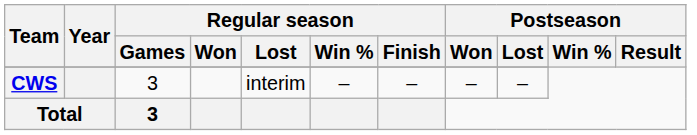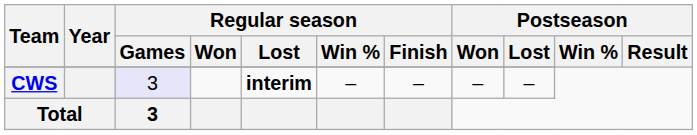 <table class="wikitable" style="font-size: 95%; text-align:center;">
 <tr>
 <th rowspan="2">Team</th>
 <th rowspan="2">Year</th>
 <th colspan="5">Regular season</th>
 <th colspan="4">Postseason</th>
 </tr>
 <tr>
 <th>Games</th>
 <th>Won</th>
 <th>Lost</th>
 <th>Win %</th>
 <th>Finish</th>
 <th>Won</th>
 <th>Lost</th>
 <th>Win %</th>
 <th>Result</th>
 </tr>
 <tr>
 </tr>
 <tr>
 <th><a href='#'>CWS</a></th>
 <th></th>
-<td>3</td>
+<td style="background: lavender;">3</td>
 <td></td>
-<td>interim</td>
+<td><strong>interim</strong></td>
 <td>–</td>
 <td>–</td>
 <td>–</td>
 <td>–</td>
 </tr>
 <tr>
 <th colspan="2">Total</th>
 <th>3</th>
 <th></th>
 <th></th>
 <th></th>
 <th></th>
 </tr>
 </table>
